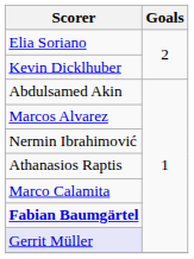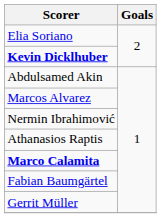 <table class="wikitable">
 <tr>
 <th>Scorer</th>
 <th>Goals</th>
 </tr>
 <tr>
 <td> <a href='#'>Elia Soriano</a></td>
 <td rowspan="2" align=center>2</td>
 </tr>
 <tr>
-<td> <a href='#'>Kevin Dicklhuber</a></td>
+<td><strong> <a href='#'>Kevin Dicklhuber</a></strong></td>
 </tr>
 <tr>
 <td> Abdulsamed Akin</td>
 <td rowspan="7" align=center>1</td>
 </tr>
 <tr>
 <td> <a href='#'>Marcos Alvarez</a></td>
 </tr>
 <tr>
 <td> Nermin Ibrahimović</td>
 </tr>
 <tr>
 <td> Athanasios Raptis</td>
 </tr>
 <tr>
-<td> <a href='#'>Marco Calamita</a></td>
+<td><strong> <a href='#'>Marco Calamita</a></strong></td>
 </tr>
 <tr>
-<td><strong> <a href='#'>Fabian Baumgärtel</a></strong></td>
+<td> <a href='#'>Fabian Baumgärtel</a></td>
 </tr>
 <tr>
-<td style="background: lavender;"> <a href='#'>Gerrit Müller</a></td>
+<td> <a href='#'>Gerrit Müller</a></td>
 </tr>
 <tr>
 </tr>
 </table>
